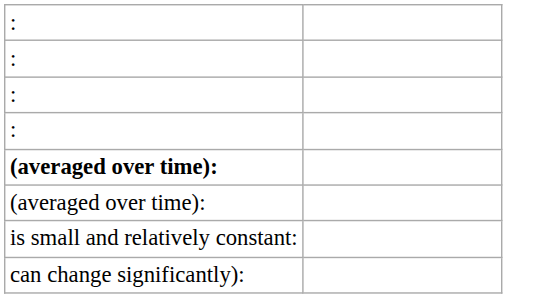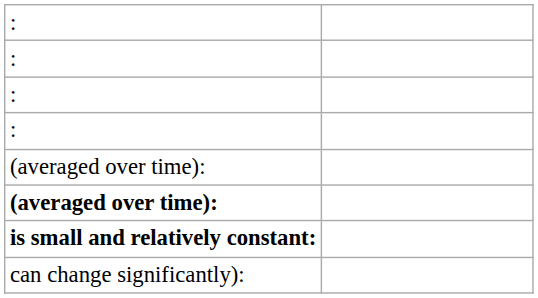 <table class="wikitable" style="background:white">
 <tr>
 <td style="width:60%">:</td>
 <td style="width:40%; text-align: center;"><br></td>
 </tr>
 <tr>
 <td>:</td>
 <td style="text-align: center;"><br></td>
 </tr>
 <tr>
 <td>:</td>
 <td style="text-align: center;"></td>
 </tr>
 <tr>
 <td>:</td>
 <td style="text-align: center;"><br></td>
 </tr>
 <tr>
+<td> (averaged over time):</td>
+<td style="text-align: center;"><br></td>
+</tr>
+<tr>
 <td><strong> (averaged over time):</strong></td>
 <td style="text-align: center;"><br></td>
 </tr>
 <tr>
-<td> (averaged over time):</td>
-<td style="text-align: center;"><br></td>
-</tr>
-<tr>
-<td> is small and relatively constant:</td>
+<td><strong> is small and relatively constant:</strong></td>
 <td style="text-align: center;"><br></td>
 </tr>
 <tr>
 <td> can change significantly):</td>
 <td style="text-align: center;"><br></td>
 </tr>
 </table>
